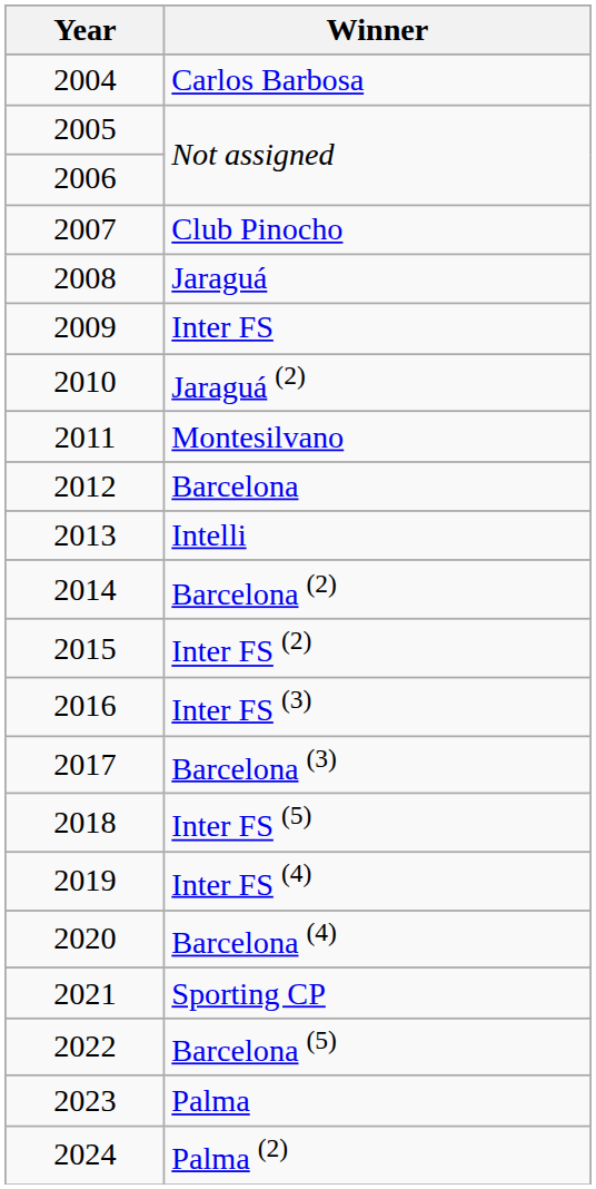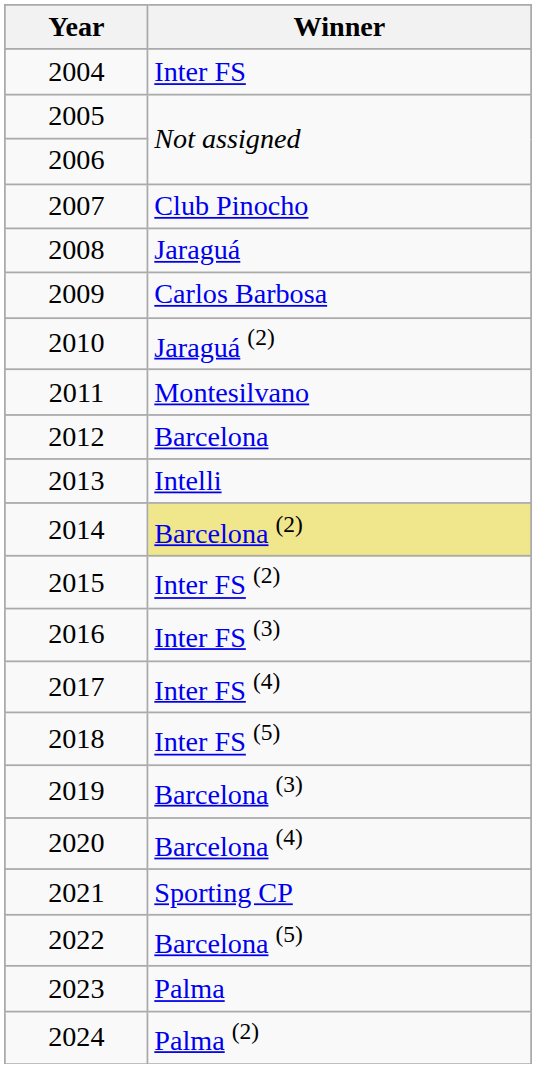 <table class="wikitable" style="width:300px;">
 <tr>
 <th>Year</th>
 <th>Winner</th>
 </tr>
 <tr>
 <td align=center>2004</td>
-<td> <a href='#'>Carlos Barbosa</a></td>
+<td> <a href='#'>Inter FS</a></td>
 </tr>
 <tr>
 <td align=center>2005</td>
 <td rowspan="2"><em>Not assigned</em></td>
 </tr>
 <tr>
 <td align=center>2006</td>
 </tr>
 <tr>
 <td align=center>2007</td>
 <td> <a href='#'>Club Pinocho</a></td>
 </tr>
 <tr>
 <td align=center>2008</td>
 <td> <a href='#'>Jaraguá</a></td>
 </tr>
 <tr>
 <td align=center>2009</td>
-<td> <a href='#'>Inter FS</a></td>
+<td> <a href='#'>Carlos Barbosa</a></td>
 </tr>
 <tr>
 <td align=center>2010</td>
 <td> <a href='#'>Jaraguá</a> <sup>(2)</sup></td>
 </tr>
 <tr>
 <td align=center>2011</td>
 <td> <a href='#'>Montesilvano</a></td>
 </tr>
 <tr>
 <td align=center>2012</td>
 <td> <a href='#'>Barcelona</a></td>
 </tr>
 <tr>
 <td align=center>2013</td>
 <td> <a href='#'>Intelli</a></td>
 </tr>
 <tr>
 <td align=center>2014</td>
-<td> <a href='#'>Barcelona</a> <sup>(2)</sup></td>
+<td style="background: khaki;"> <a href='#'>Barcelona</a> <sup>(2)</sup></td>
 </tr>
 <tr>
 <td align=center>2015</td>
 <td> <a href='#'>Inter FS</a> <sup>(2)</sup></td>
 </tr>
 <tr>
 <td align=center>2016</td>
 <td> <a href='#'>Inter FS</a> <sup>(3)</sup></td>
 </tr>
 <tr>
 <td align=center>2017</td>
-<td> <a href='#'>Barcelona</a> <sup>(3)</sup></td>
+<td> <a href='#'>Inter FS</a> <sup>(4)</sup></td>
 </tr>
 <tr>
 <td align=center>2018</td>
 <td> <a href='#'>Inter FS</a> <sup>(5)</sup></td>
 </tr>
 <tr>
 <td align=center>2019</td>
-<td> <a href='#'>Inter FS</a> <sup>(4)</sup></td>
+<td> <a href='#'>Barcelona</a> <sup>(3)</sup></td>
 </tr>
 <tr>
 <td align=center>2020</td>
 <td> <a href='#'>Barcelona</a> <sup>(4)</sup></td>
 </tr>
 <tr>
 <td align=center>2021</td>
 <td> <a href='#'>Sporting CP</a></td>
 </tr>
 <tr>
 <td align=center>2022</td>
 <td> <a href='#'>Barcelona</a> <sup>(5)</sup></td>
 </tr>
 <tr>
 <td align=center>2023</td>
 <td> <a href='#'>Palma</a></td>
 </tr>
 <tr>
 <td align=center>2024</td>
 <td> <a href='#'>Palma</a> <sup>(2)</sup></td>
 </tr>
 <tr>
 </tr>
 </table>
